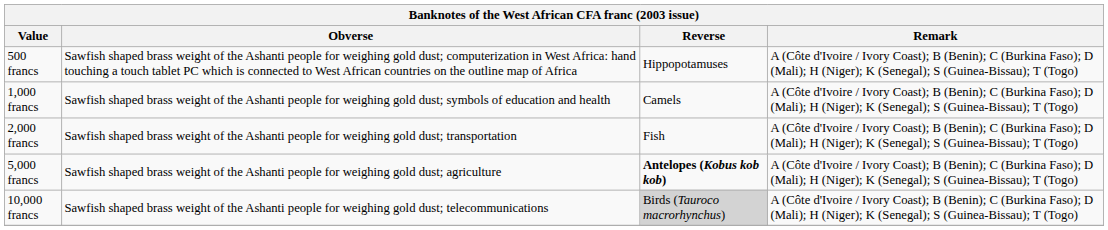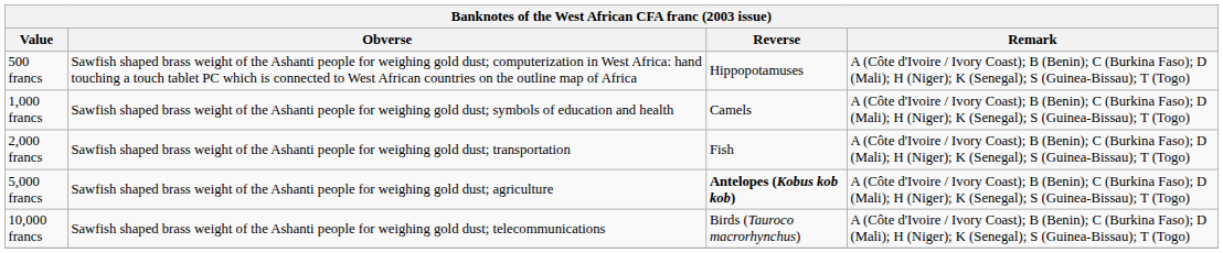 <table class="wikitable" style="font-size: 90%">
 <tr>
 <th colspan="10">Banknotes of the West African CFA franc (2003 issue)</th>
 </tr>
 <tr>
 <th>Value</th>
 <th>Obverse</th>
 <th>Reverse</th>
 <th>Remark</th>
 </tr>
 <tr>
 <td>500 francs</td>
 <td>Sawfish shaped brass weight of the Ashanti people for weighing gold dust; computerization in West Africa: hand touching a touch tablet PC which is connected to West African countries on the outline map of Africa </td>
 <td>Hippopotamuses </td>
 <td>A (Côte d'Ivoire / Ivory Coast); B (Benin); C (Burkina Faso); D (Mali); H (Niger); K (Senegal); S (Guinea-Bissau); T (Togo)</td>
 </tr>
 <tr>
 <td>1,000 francs</td>
 <td>Sawfish shaped brass weight of the Ashanti people for weighing gold dust; symbols of education and health </td>
 <td>Camels </td>
 <td>A (Côte d'Ivoire / Ivory Coast); B (Benin); C (Burkina Faso); D (Mali); H (Niger); K (Senegal); S (Guinea-Bissau); T (Togo)</td>
 </tr>
 <tr>
 <td>2,000 francs</td>
 <td>Sawfish shaped brass weight of the Ashanti people for weighing gold dust; transportation </td>
 <td>Fish </td>
 <td>A (Côte d'Ivoire / Ivory Coast); B (Benin); C (Burkina Faso); D (Mali); H (Niger); K (Senegal); S (Guinea-Bissau); T (Togo)</td>
 </tr>
 <tr>
 <td>5,000 francs</td>
 <td>Sawfish shaped brass weight of the Ashanti people for weighing gold dust;  agriculture </td>
 <td><strong>Antelopes (<em>Kobus kob kob</em>)</strong></td>
 <td>A (Côte d'Ivoire / Ivory Coast); B (Benin); C (Burkina Faso); D (Mali); H (Niger); K (Senegal); S (Guinea-Bissau); T (Togo)</td>
 </tr>
 <tr>
 <td>10,000 francs</td>
 <td>Sawfish shaped brass weight of the Ashanti people for weighing gold dust; telecommunications </td>
-<td style="background: lightgrey;">Birds (<em>Tauroco macrorhynchus</em>)</td>
+<td>Birds (<em>Tauroco macrorhynchus</em>)</td>
 <td>A (Côte d'Ivoire / Ivory Coast); B (Benin); C (Burkina Faso); D (Mali); H (Niger); K (Senegal); S (Guinea-Bissau); T (Togo)</td>
 </tr>
 <tr>
 </tr>
 </table>
